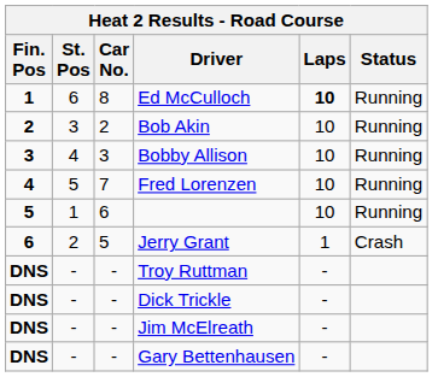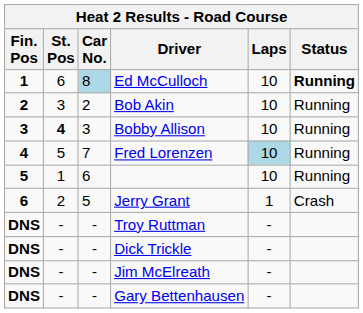 <table class="wikitable" style="font-size:90%;">
 <tr>
 <th colspan=6>Heat 2 Results - Road Course</th>
 </tr>
 <tr>
 <th>Fin.<br>Pos</th>
 <th>St.<br>Pos</th>
 <th>Car<br>No.</th>
 <th>Driver</th>
 <th>Laps</th>
 <th>Status</th>
 </tr>
 <tr>
 <td align=center><strong>1</strong></td>
 <td align=center>6</td>
-<td>8</td>
+<td style="background: lightblue;">8</td>
 <td><a href='#'>Ed McCulloch</a></td>
-<td align=center><strong>10</strong></td>
-<td>Running</td>
+<td align=center>10</td>
+<td><strong>Running</strong></td>
 </tr>
 <tr>
 <td align=center><strong>2</strong></td>
 <td align=center>3</td>
 <td>2</td>
 <td><a href='#'>Bob Akin</a></td>
 <td align=center>10</td>
 <td>Running</td>
 </tr>
 <tr>
 <td align=center><strong>3</strong></td>
-<td align=center>4</td>
+<td align=center><strong>4</strong></td>
 <td>3</td>
 <td><a href='#'>Bobby Allison</a></td>
 <td align=center>10</td>
 <td>Running</td>
 </tr>
 <tr>
 <td align=center><strong>4</strong></td>
 <td align=center>5</td>
 <td>7</td>
 <td><a href='#'>Fred Lorenzen</a></td>
-<td align=center>10</td>
+<td align=center style="background: lightblue;">10</td>
 <td>Running</td>
 </tr>
 <tr>
 <td align=center><strong>5</strong></td>
 <td align=center>1</td>
 <td>6</td>
 <td></td>
 <td align=center>10</td>
 <td>Running</td>
 </tr>
 <tr>
 <td align=center><strong>6</strong></td>
 <td align=center>2</td>
 <td>5</td>
 <td><a href='#'>Jerry Grant</a></td>
 <td align=center>1</td>
 <td>Crash</td>
 </tr>
 <tr>
 <td><strong>DNS</strong></td>
 <td align=center>-</td>
 <td align=center>-</td>
 <td><a href='#'>Troy Ruttman</a></td>
 <td align=center>-</td>
 <td></td>
 </tr>
 <tr>
 <td><strong>DNS</strong></td>
 <td align=center>-</td>
 <td align=center>-</td>
 <td><a href='#'>Dick Trickle</a></td>
 <td align=center>-</td>
 <td></td>
 </tr>
 <tr>
 <td><strong>DNS</strong></td>
 <td align=center>-</td>
 <td align=center>-</td>
 <td><a href='#'>Jim McElreath</a></td>
 <td align=center>-</td>
 <td></td>
 </tr>
 <tr>
 <td><strong>DNS</strong></td>
 <td align=center>-</td>
 <td align=center>-</td>
 <td><a href='#'>Gary Bettenhausen</a></td>
 <td align=center>-</td>
 <td></td>
 </tr>
 </table>
